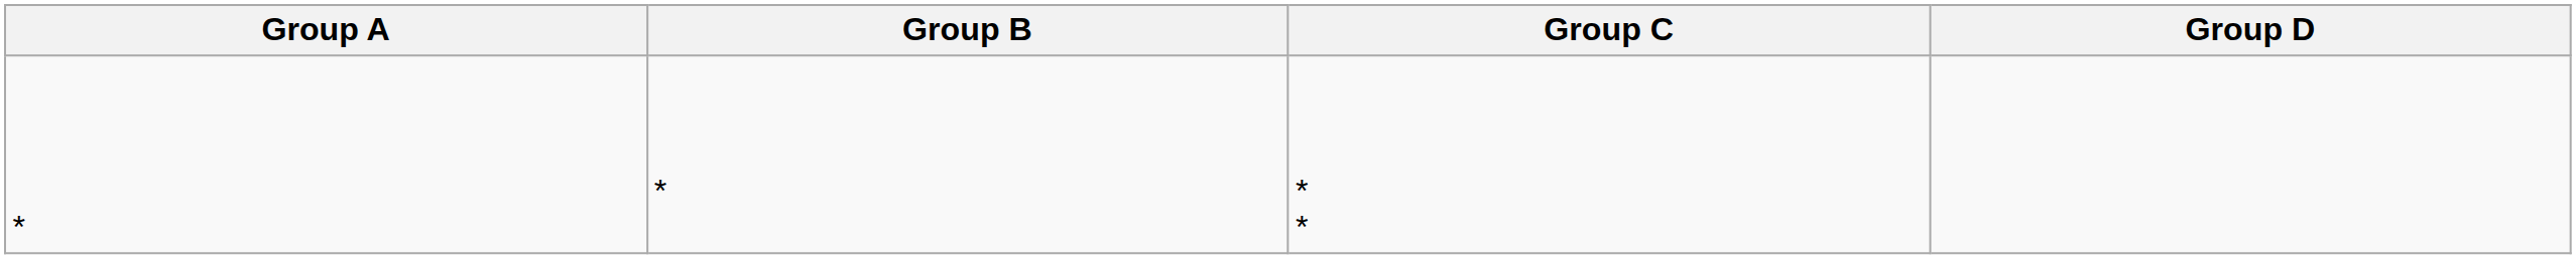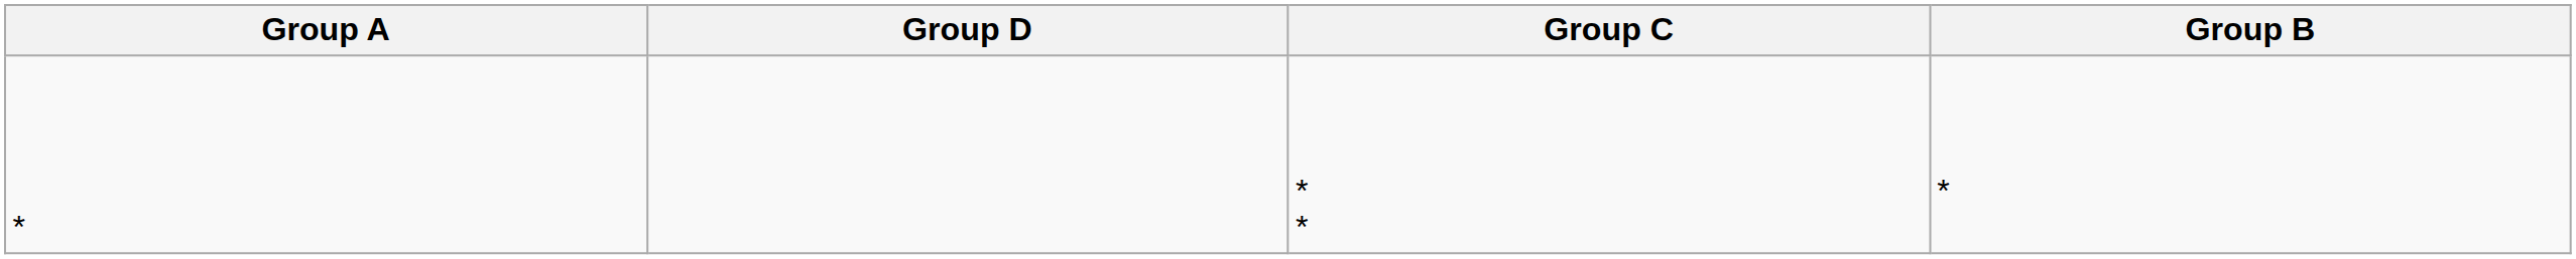 <table class="wikitable" width=80%>
 <tr>
 <th width=25%>Group A</th>
+<th width=25%>Group D</th>
+<th width=25%>Group C</th>
 <th width=25%>Group B</th>
-<th width=25%>Group C</th>
-<th width=25%>Group D</th>
 </tr>
 <tr>
 <td valign=top><br><br> <br> <br> <s></s> *<br> </td>
+<td valign=top><br><br> <br> <br> </td>
+<td valign=top><br><br> <br> <s></s> *<br>  <s></s> *</td>
 <td valign=top><br><br> <br>  *<br>  <br>  </td>
-<td valign=top><br><br> <br> <s></s> *<br>  <s></s> *</td>
-<td valign=top><br><br> <br> <br> </td>
 </tr>
 </table>
